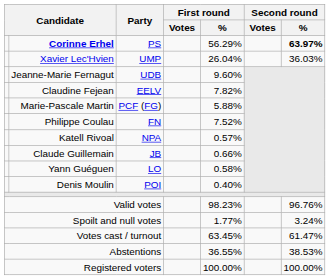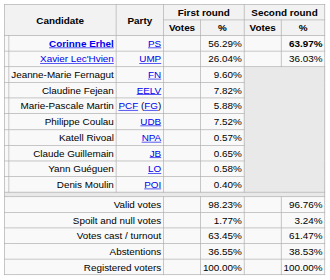 <table class="wikitable" style="text-align:right;font-size:95%;">
 <tr>
 <th rowspan=2 colspan=2>Candidate</th>
 <th rowspan=2 colspan=1>Party</th>
 <th colspan=2>First round</th>
 <th colspan=2>Second round</th>
 </tr>
 <tr>
 <th style="width:50px;">Votes</th>
 <th style="width:55px;">%</th>
 <th style="width:50px;">Votes</th>
 <th style="width:55px;">%</th>
 </tr>
 <tr>
 <td style="color:inherit;background-color:"></td>
 <td><strong><a href='#'>Corinne Erhel</a></strong></td>
 <td><a href='#'>PS</a></td>
 <td></td>
 <td>56.29%</td>
 <td><strong></strong></td>
 <td><strong>63.97%</strong></td>
 </tr>
 <tr>
 <td style="color:inherit;background-color:"></td>
 <td><a href='#'>Xavier Lec'Hvien</a></td>
 <td><a href='#'>UMP</a></td>
 <td></td>
 <td>26.04%</td>
 <td></td>
 <td>36.03%</td>
 </tr>
 <tr>
 <td style="color:inherit;background-color:"></td>
 <td>Jeanne-Marie Fernagut</td>
-<td><a href='#'>UDB</a></td>
+<td><a href='#'>FN</a></td>
 <td></td>
 <td>9.60%</td>
 <td colspan=7 rowspan=8 style="background-color:#E9E9E9;"></td>
 </tr>
 <tr>
 <td style="color:inherit;background-color:"></td>
 <td>Claudine Fejean</td>
 <td><a href='#'>EELV</a></td>
 <td></td>
 <td>7.82%</td>
 </tr>
 <tr>
 <td style="color:inherit;background-color:"></td>
 <td>Marie-Pascale Martin</td>
 <td><a href='#'>PCF</a> (<a href='#'>FG</a>)</td>
 <td></td>
 <td>5.88%</td>
 </tr>
 <tr>
 <td style="color:inherit;background-color:"></td>
 <td>Philippe Coulau</td>
-<td><a href='#'>FN</a></td>
+<td><a href='#'>UDB</a></td>
 <td></td>
 <td>7.52%</td>
 </tr>
 <tr>
 <td style="color:inherit;background-color:"></td>
 <td>Katell Rivoal</td>
 <td><a href='#'>NPA</a></td>
 <td></td>
 <td>0.57%</td>
 </tr>
 <tr>
 <td style="color:inherit;background-color:"></td>
 <td>Claude Guillemain</td>
 <td><a href='#'>JB</a> </td>
 <td></td>
-<td>0.66%</td>
+<td>0.65%</td>
 </tr>
 <tr>
 <td style="color:inherit;background-color:"></td>
 <td>Yann Guéguen</td>
 <td><a href='#'>LO</a></td>
 <td></td>
 <td>0.58%</td>
 </tr>
 <tr>
 <td style="color:inherit;background-color:"></td>
 <td>Denis Moulin</td>
 <td><a href='#'>POI</a></td>
 <td></td>
 <td>0.40%</td>
 </tr>
 <tr>
 <td colspan=7 style="background-color:#E9E9E9;"></td>
 </tr>
 <tr>
 <td colspan=3>Valid votes</td>
 <td></td>
 <td>98.23%</td>
 <td></td>
 <td>96.76%</td>
 </tr>
 <tr>
 <td colspan=3>Spoilt and null votes</td>
 <td></td>
 <td>1.77%</td>
 <td></td>
 <td>3.24%</td>
 </tr>
 <tr>
 <td colspan=3>Votes cast / turnout</td>
 <td></td>
 <td>63.45%</td>
 <td></td>
 <td>61.47%</td>
 </tr>
 <tr>
 <td colspan=3>Abstentions</td>
 <td></td>
 <td>36.55%</td>
 <td></td>
 <td>38.53%</td>
 </tr>
 <tr>
 <td colspan=3>Registered voters</td>
 <td></td>
 <td>100.00%</td>
 <td></td>
 <td>100.00%</td>
 </tr>
 </table>
